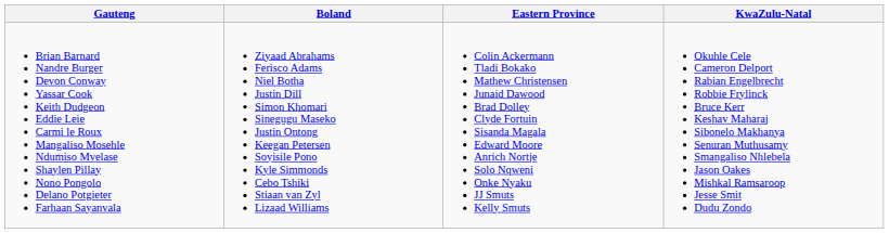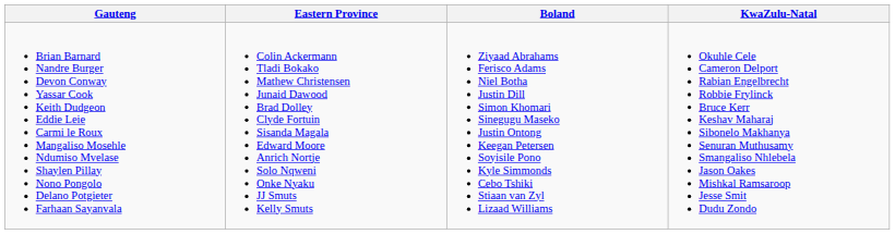 <table class="wikitable">
 <tr>
 <th width=330> <a href='#'>Gauteng</a></th>
+<th width=330> <a href='#'>Eastern Province</a></th>
 <th width=330> <a href='#'>Boland</a></th>
-<th width=330> <a href='#'>Eastern Province</a></th>
 <th width=330> <a href='#'>KwaZulu-Natal</a></th>
 </tr>
 <tr>
 <td valign=top><br><ul><li><a href='#'>Brian Barnard</a></li><li><a href='#'>Nandre Burger</a></li><li><a href='#'>Devon Conway</a></li><li><a href='#'>Yassar Cook</a></li><li><a href='#'>Keith Dudgeon</a></li><li><a href='#'>Eddie Leie</a></li><li><a href='#'>Carmi le Roux</a></li><li><a href='#'>Mangaliso Mosehle</a></li><li><a href='#'>Ndumiso Mvelase</a></li><li><a href='#'>Shaylen Pillay</a></li><li><a href='#'>Nono Pongolo</a></li><li><a href='#'>Delano Potgieter</a></li><li><a href='#'>Farhaan Sayanvala</a></li></ul></td>
+<td valign=top><br><ul><li><a href='#'>Colin Ackermann</a></li><li><a href='#'>Tladi Bokako</a></li><li><a href='#'>Mathew Christensen</a></li><li><a href='#'>Junaid Dawood</a></li><li><a href='#'>Brad Dolley</a></li><li><a href='#'>Clyde Fortuin</a></li><li><a href='#'>Sisanda Magala</a></li><li><a href='#'>Edward Moore</a></li><li><a href='#'>Anrich Nortje</a></li><li><a href='#'>Solo Nqweni</a></li><li><a href='#'>Onke Nyaku</a></li><li><a href='#'>JJ Smuts</a></li><li><a href='#'>Kelly Smuts</a></li></ul></td>
 <td valign=top><br><ul><li><a href='#'>Ziyaad Abrahams</a></li><li><a href='#'>Ferisco Adams</a></li><li><a href='#'>Niel Botha</a></li><li><a href='#'>Justin Dill</a></li><li><a href='#'>Simon Khomari</a></li><li><a href='#'>Sinegugu Maseko</a></li><li><a href='#'>Justin Ontong</a></li><li><a href='#'>Keegan Petersen</a></li><li><a href='#'>Soyisile Pono</a></li><li><a href='#'>Kyle Simmonds</a></li><li><a href='#'>Cebo Tshiki</a></li><li><a href='#'>Stiaan van Zyl</a></li><li><a href='#'>Lizaad Williams</a></li></ul></td>
-<td valign=top><br><ul><li><a href='#'>Colin Ackermann</a></li><li><a href='#'>Tladi Bokako</a></li><li><a href='#'>Mathew Christensen</a></li><li><a href='#'>Junaid Dawood</a></li><li><a href='#'>Brad Dolley</a></li><li><a href='#'>Clyde Fortuin</a></li><li><a href='#'>Sisanda Magala</a></li><li><a href='#'>Edward Moore</a></li><li><a href='#'>Anrich Nortje</a></li><li><a href='#'>Solo Nqweni</a></li><li><a href='#'>Onke Nyaku</a></li><li><a href='#'>JJ Smuts</a></li><li><a href='#'>Kelly Smuts</a></li></ul></td>
 <td valign=top><br><ul><li><a href='#'>Okuhle Cele</a></li><li><a href='#'>Cameron Delport</a></li><li><a href='#'>Rabian Engelbrecht</a></li><li><a href='#'>Robbie Frylinck</a></li><li><a href='#'>Bruce Kerr</a></li><li><a href='#'>Keshav Maharaj</a></li><li><a href='#'>Sibonelo Makhanya</a></li><li><a href='#'>Senuran Muthusamy</a></li><li><a href='#'>Smangaliso Nhlebela</a></li><li><a href='#'>Jason Oakes</a></li><li><a href='#'>Mishkal Ramsaroop</a></li><li><a href='#'>Jesse Smit</a></li><li><a href='#'>Dudu Zondo</a></li></ul></td>
 </tr>
 </table>
